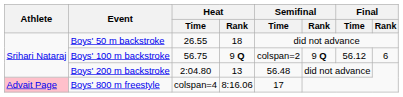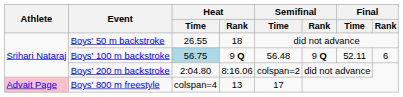 <table class=wikitable style="text-align:center; font-size:90%">
 <tr>
 <th rowspan="2">Athlete</th>
 <th rowspan="2">Event</th>
 <th colspan="2">Heat</th>
 <th colspan="2">Semifinal</th>
 <th colspan="2">Final</th>
 </tr>
 <tr style="font-size:95%">
 <th>Time</th>
 <th>Rank</th>
 <th>Time</th>
 <th>Rank</th>
 <th>Time</th>
 <th>Rank</th>
 </tr>
 <tr>
 <td align=left rowspan="3"><a href='#'>Srihari Nataraj</a></td>
 <td align=left><a href='#'>Boys' 50 m backstroke</a></td>
 <td>26.55</td>
 <td>18</td>
 <td colspan=4>did not advance</td>
 </tr>
 <tr>
 <td align=left><a href='#'>Boys' 100 m backstroke</a></td>
-<td>56.75</td>
+<td style="background: lightblue;">56.75</td>
 <td>9 <strong>Q</strong></td>
-<td>colspan=2 </td>
+<td>56.48</td>
 <td>9 <strong>Q</strong></td>
-<td>56.12</td>
+<td>52.11</td>
 <td>6</td>
 </tr>
 <tr>
 <td align=left><a href='#'>Boys' 200 m backstroke</a></td>
 <td>2:04.80</td>
-<td>13</td>
-<td>56.48</td>
+<td>8:16.06</td>
+<td>colspan=2 </td>
 <td colspan=2>did not advance</td>
 </tr>
 <tr>
 <td align=left style="background: pink;"><a href='#'>Advait Page</a></td>
 <td align=left><a href='#'>Boys' 800 m freestyle</a></td>
 <td>colspan=4 </td>
-<td>8:16.06</td>
+<td>13</td>
 <td>17</td>
 </tr>
 </table>
